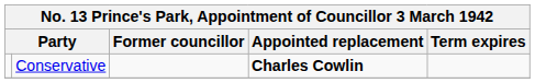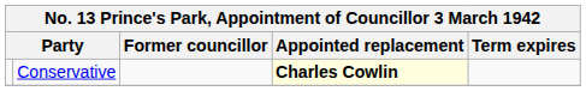 <table class="wikitable">
 <tr>
 <th colspan="5"><strong>No. 13 Prince's Park, Appointment of Councillor 3 March 1942</strong></th>
 </tr>
 <tr>
 <th colspan="2">Party</th>
 <th>Former councillor</th>
 <th>Appointed replacement</th>
 <th>Term expires</th>
 </tr>
 <tr>
 <td style="background-color:"></td>
 <td><a href='#'>Conservative</a></td>
 <td></td>
-<td><strong>Charles Cowlin</strong></td>
+<td style="background: lightyellow;"><strong>Charles Cowlin</strong></td>
 <td></td>
 </tr>
 <tr>
 </tr>
 </table>
